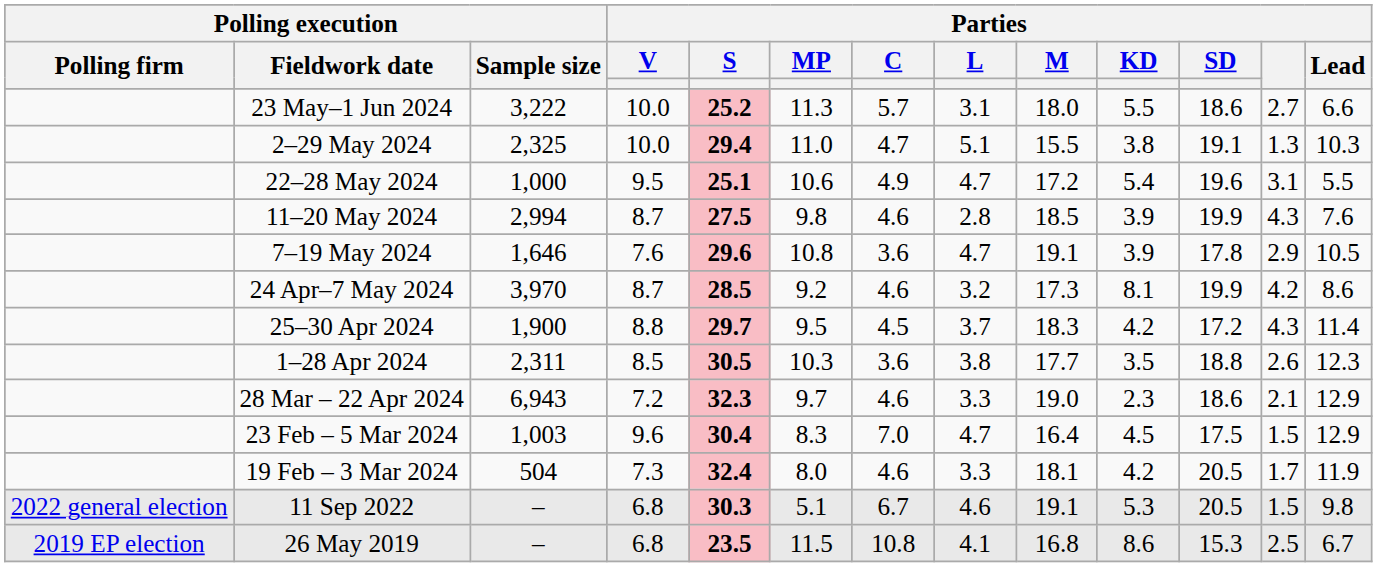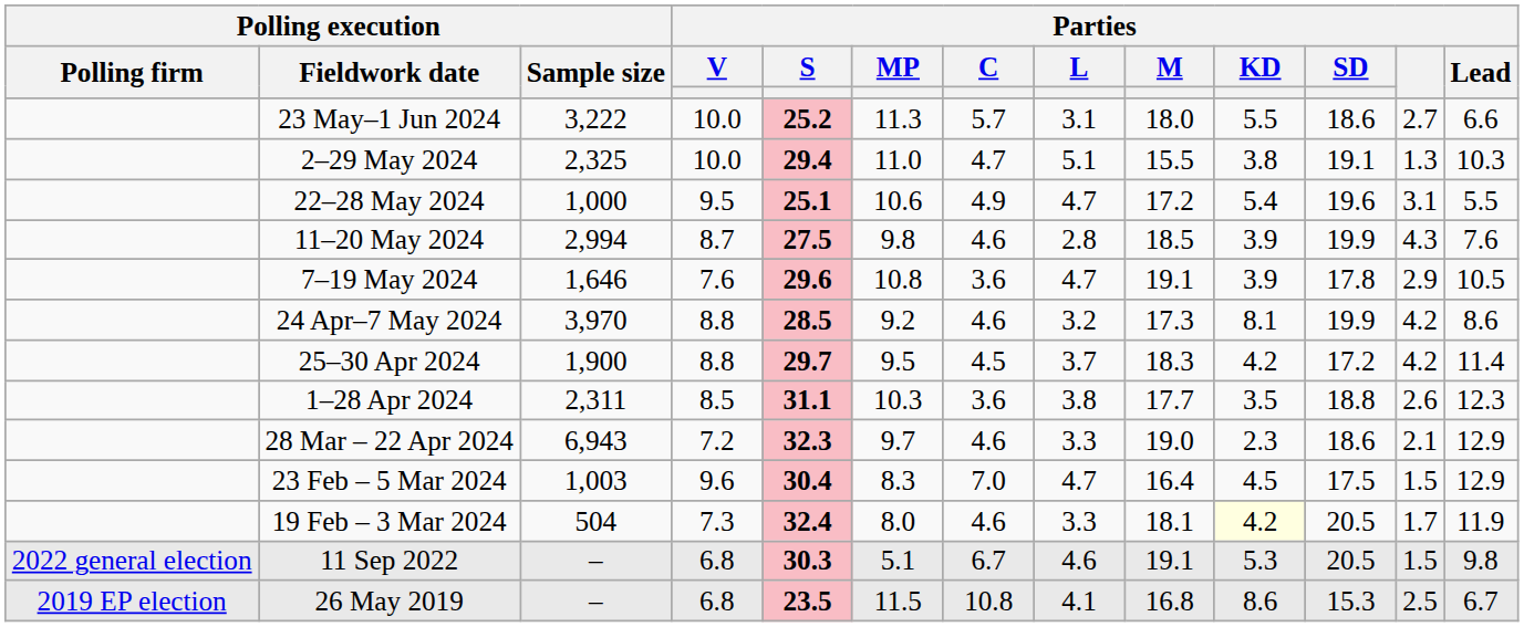 <table class="wikitable sortable" style="text-align:center;font-size:90%;line-height:14px;">
 <tr>
 <th colspan="3">Polling execution</th>
 <th colspan="10">Parties</th>
 </tr>
 <tr>
 <th rowspan="2">Polling firm</th>
 <th rowspan="2">Fieldwork date</th>
 <th rowspan="2">Sample size</th>
 <th class="sortable" style="width:40px;"><a href='#'>V</a><br></th>
 <th class="sortable" style="width:40px;"><a href='#'>S</a><br></th>
 <th class="sortable" style="width:40px;"><a href='#'>MP</a><br></th>
 <th class="sortable" style="width:40px;"><a href='#'>C</a><br></th>
 <th class="sortable" style="width:40px;"><a href='#'>L</a><br></th>
 <th class="sortable" style="width:40px;"><a href='#'>M</a><br></th>
 <th class="sortable" style="width:40px;"><a href='#'>KD</a><br></th>
 <th class="sortable" style="width:40px;"><a href='#'>SD</a><br></th>
 <th rowspan="2"></th>
 <th rowspan="2">Lead</th>
 </tr>
 <tr>
 <th style="background:"></th>
 <th style="background:"></th>
 <th style="background:"></th>
 <th style="background:"></th>
 <th style="background:"></th>
 <th style="background:"></th>
 <th style="background:"></th>
 <th style="background:"></th>
 </tr>
 <tr>
 <td></td>
 <td>23 May–1 Jun 2024</td>
 <td>3,222</td>
 <td>10.0<br></td>
 <td style="background:#F9BDC5;"><strong>25.2</strong><br></td>
 <td>11.3<br></td>
 <td>5.7<br></td>
 <td>3.1<br></td>
 <td>18.0<br></td>
 <td>5.5<br></td>
 <td>18.6<br></td>
 <td>2.7<br></td>
 <td style="background:">6.6</td>
 </tr>
 <tr>
 <td></td>
 <td>2–29 May 2024</td>
 <td>2,325</td>
 <td>10.0<br></td>
 <td style="background:#F9BDC5;"><strong>29.4</strong><br></td>
 <td>11.0<br></td>
 <td>4.7<br></td>
 <td>5.1<br></td>
 <td>15.5<br></td>
 <td>3.8<br></td>
 <td>19.1<br></td>
 <td>1.3<br></td>
 <td style="background:">10.3</td>
 </tr>
 <tr>
 <td></td>
 <td>22–28 May 2024</td>
 <td>1,000</td>
 <td>9.5<br></td>
 <td style="background:#F9BDC5;"><strong>25.1</strong><br></td>
 <td>10.6<br></td>
 <td>4.9<br></td>
 <td>4.7<br></td>
 <td>17.2<br></td>
 <td>5.4<br></td>
 <td>19.6<br></td>
 <td>3.1<br></td>
 <td style="background:">5.5</td>
 </tr>
 <tr>
 <td></td>
 <td>11–20 May 2024</td>
 <td>2,994</td>
 <td>8.7<br></td>
 <td style="background:#F9BDC5;"><strong>27.5</strong><br></td>
 <td>9.8<br></td>
 <td>4.6<br></td>
 <td>2.8<br></td>
 <td>18.5<br></td>
 <td>3.9<br></td>
 <td>19.9<br></td>
 <td>4.3<br></td>
 <td style="background:">7.6</td>
 </tr>
 <tr>
 <td></td>
 <td>7–19 May 2024</td>
 <td>1,646</td>
 <td>7.6<br></td>
 <td style="background:#F9BDC5;"><strong>29.6</strong><br></td>
 <td>10.8<br></td>
 <td>3.6<br></td>
 <td>4.7<br></td>
 <td>19.1<br></td>
 <td>3.9<br></td>
 <td>17.8<br></td>
 <td>2.9<br></td>
 <td style="background:">10.5</td>
 </tr>
 <tr>
 <td></td>
 <td>24 Apr–7 May 2024</td>
 <td>3,970</td>
-<td>8.7<br></td>
+<td>8.8<br></td>
 <td style="background:#F9BDC5;"><strong>28.5</strong><br></td>
 <td>9.2<br></td>
 <td>4.6<br></td>
 <td>3.2<br></td>
 <td>17.3<br></td>
 <td>8.1<br></td>
 <td>19.9<br></td>
 <td>4.2<br></td>
 <td style="background:">8.6</td>
 </tr>
 <tr>
 <td></td>
 <td>25–30 Apr 2024</td>
 <td>1,900</td>
 <td>8.8<br></td>
 <td style="background:#F9BDC5;"><strong>29.7</strong><br></td>
 <td>9.5<br></td>
 <td>4.5<br></td>
 <td>3.7<br></td>
 <td>18.3<br></td>
 <td>4.2<br></td>
 <td>17.2<br></td>
-<td>4.3<br></td>
+<td>4.2<br></td>
 <td style="background:">11.4</td>
 </tr>
 <tr>
 <td></td>
 <td>1–28 Apr 2024</td>
 <td>2,311</td>
 <td>8.5<br></td>
-<td style="background:#F9BDC5;"><strong>30.5</strong><br></td>
+<td style="background:#F9BDC5;"><strong>31.1</strong><br></td>
 <td>10.3<br></td>
 <td>3.6<br></td>
 <td>3.8<br></td>
 <td>17.7<br></td>
 <td>3.5<br></td>
 <td>18.8<br></td>
 <td>2.6<br></td>
 <td style="background:">12.3</td>
 </tr>
 <tr>
 <td></td>
 <td>28 Mar – 22 Apr 2024</td>
 <td>6,943</td>
 <td>7.2<br></td>
 <td style="background:#F9BDC5;"><strong>32.3</strong><br></td>
 <td>9.7<br></td>
 <td>4.6<br></td>
 <td>3.3<br></td>
 <td>19.0<br></td>
 <td>2.3<br></td>
 <td>18.6<br></td>
 <td>2.1<br></td>
 <td style="background:">12.9</td>
 </tr>
 <tr>
 <td></td>
 <td>23 Feb – 5 Mar 2024</td>
 <td>1,003</td>
 <td>9.6<br></td>
 <td style="background:#F9BDC5;"><strong>30.4</strong><br></td>
 <td>8.3<br></td>
 <td>7.0<br></td>
 <td>4.7<br></td>
 <td>16.4<br></td>
 <td>4.5<br></td>
 <td>17.5<br></td>
 <td>1.5<br></td>
 <td style="background:">12.9</td>
 </tr>
 <tr>
 <td></td>
 <td>19 Feb – 3 Mar 2024</td>
 <td>504</td>
 <td>7.3<br></td>
 <td style="background:#F9BDC5;"><strong>32.4</strong><br></td>
 <td>8.0<br></td>
 <td>4.6<br></td>
 <td>3.3<br></td>
 <td>18.1<br></td>
-<td>4.2<br></td>
+<td style="background: lightyellow;">4.2<br></td>
 <td>20.5<br></td>
 <td>1.7<br></td>
 <td style="background:">11.9</td>
 </tr>
 <tr style="background:#E9E9E9;">
 <td><a href='#'>2022 general election</a></td>
 <td data-sort-value="2022-09-11">11 Sep 2022</td>
 <td>–</td>
 <td>6.8<br></td>
 <td style="background:#F9BDC5;"><strong>30.3</strong><br></td>
 <td>5.1<br></td>
 <td>6.7<br></td>
 <td>4.6<br></td>
 <td>19.1<br></td>
 <td>5.3<br></td>
 <td>20.5<br></td>
 <td>1.5<br></td>
 <td style="background:">9.8</td>
 </tr>
 <tr style="background:#E9E9E9;">
 <td><a href='#'>2019 EP election</a></td>
 <td data-sort-value="2019-05-26">26 May 2019</td>
 <td>–</td>
 <td>6.8<br></td>
 <td style="background:#F9BDC5;"><strong>23.5</strong><br></td>
 <td>11.5<br></td>
 <td>10.8<br></td>
 <td>4.1<br></td>
 <td>16.8<br></td>
 <td>8.6<br></td>
 <td>15.3<br></td>
 <td>2.5<br></td>
 <td style="background:">6.7</td>
 </tr>
 </table>
